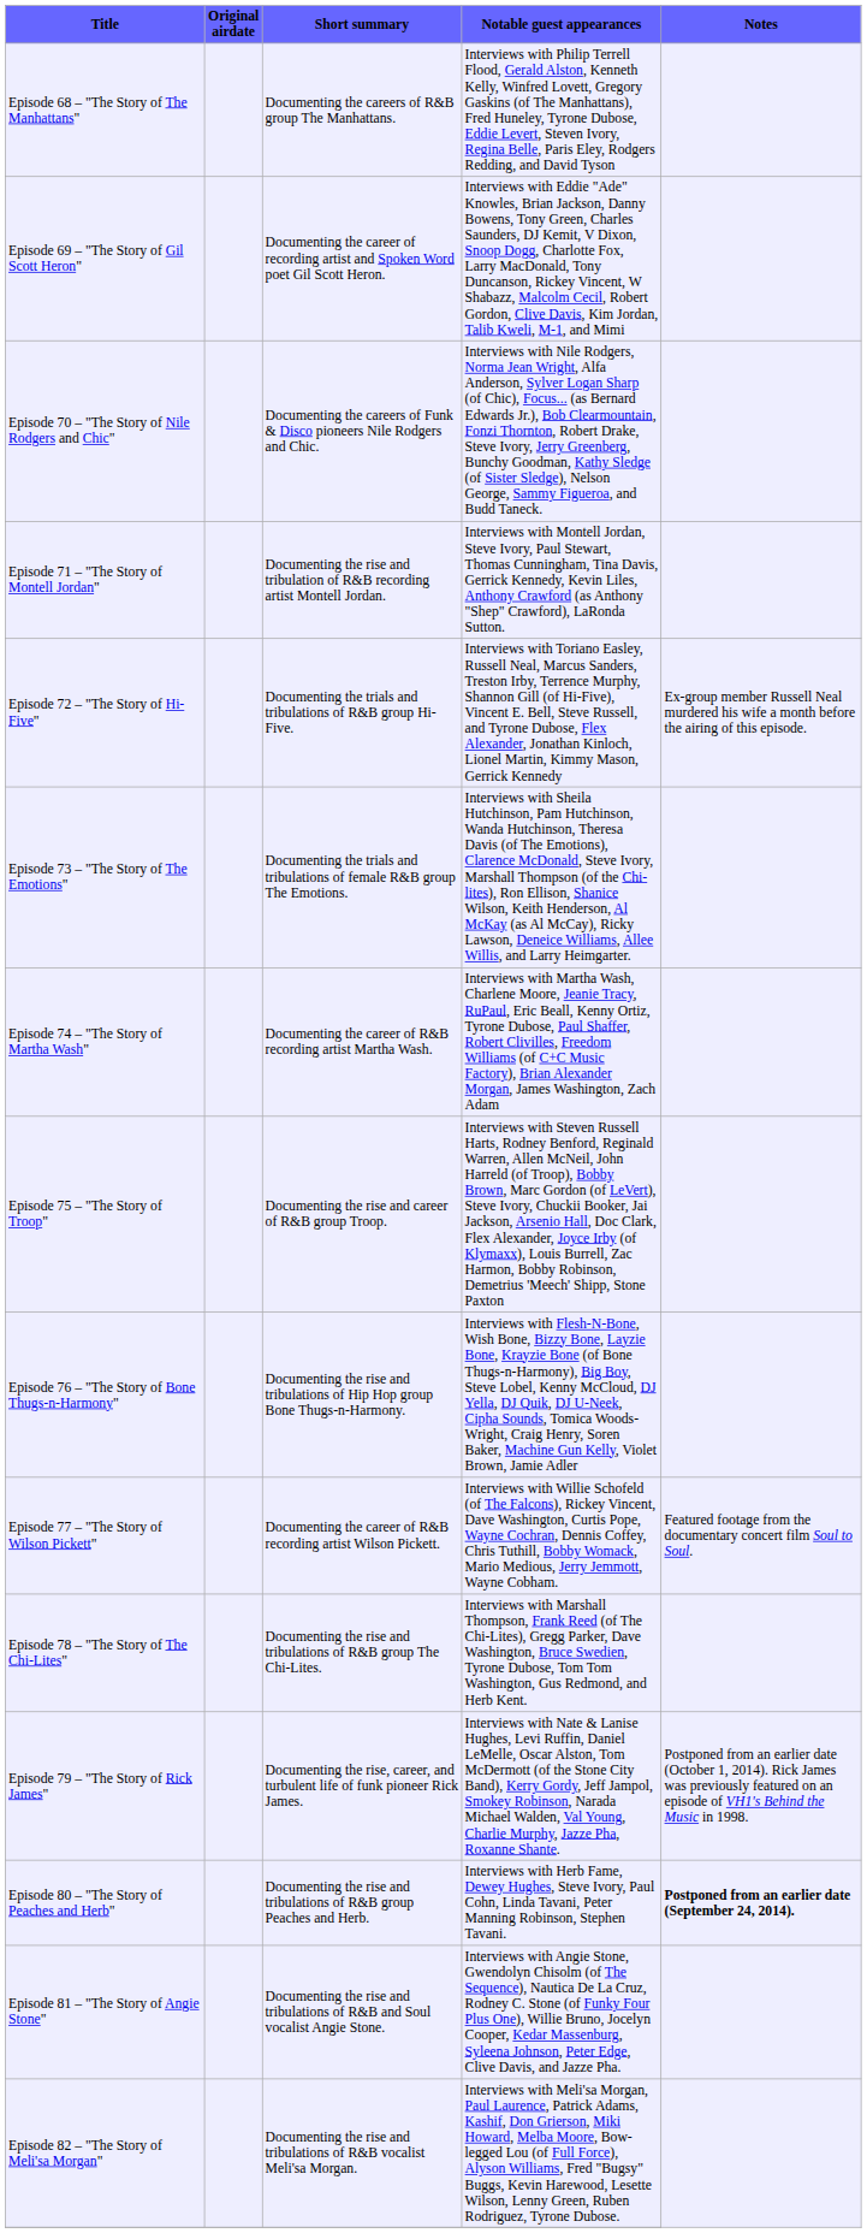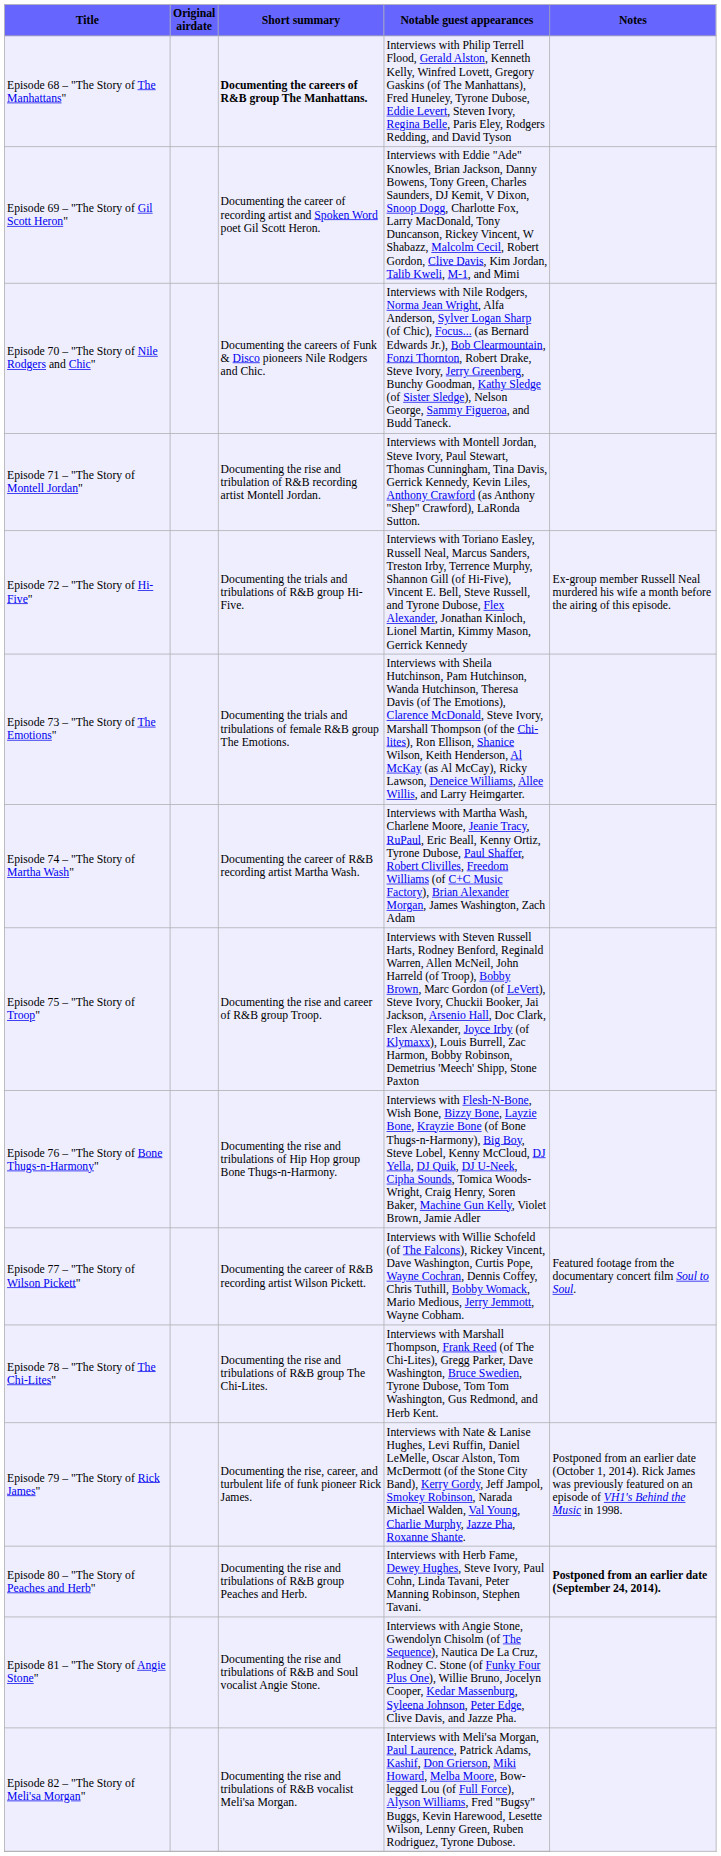 <table class="wikitable" style="background:#EEEEFF">
 <tr>
 <th scope="col" style="background-color: #6666FF" width="220">Title</th>
 <th scope="col" style="background-color: #6666FF" width="40pt">Original airdate</th>
 <th scope="col" style="background-color: #6666FF" width="220">Short summary</th>
 <th scope="col" style="background-color: #6666FF" width="220">Notable guest appearances</th>
 <th scope="col" style="background-color: #6666FF" width="220">Notes</th>
 </tr>
 <tr>
 <td>Episode 68 – "The Story of <a href='#'>The Manhattans</a>"</td>
 <td></td>
-<td>Documenting the careers of R&B group The Manhattans.</td>
+<td><strong>Documenting the careers of R&B group The Manhattans.</strong></td>
 <td>Interviews with Philip Terrell Flood, <a href='#'>Gerald Alston</a>, Kenneth Kelly, Winfred Lovett, Gregory Gaskins (of The Manhattans), Fred Huneley, Tyrone Dubose, <a href='#'>Eddie Levert</a>, Steven Ivory, <a href='#'>Regina Belle</a>, Paris Eley, Rodgers Redding, and David Tyson</td>
 <td></td>
 </tr>
 <tr>
 <td>Episode 69 – "The Story of <a href='#'>Gil Scott Heron</a>"</td>
 <td></td>
 <td>Documenting the career of recording artist and <a href='#'>Spoken Word</a> poet Gil Scott Heron.</td>
 <td>Interviews with Eddie "Ade" Knowles, Brian Jackson, Danny Bowens, Tony Green, Charles Saunders, DJ Kemit, V Dixon, <a href='#'>Snoop Dogg</a>, Charlotte Fox, Larry MacDonald, Tony Duncanson, Rickey Vincent, W Shabazz, <a href='#'>Malcolm Cecil</a>, Robert Gordon, <a href='#'>Clive Davis</a>, Kim Jordan, <a href='#'>Talib Kweli</a>, <a href='#'>M-1</a>, and Mimi</td>
 <td></td>
 </tr>
 <tr>
 <td>Episode 70 – "The Story of <a href='#'>Nile Rodgers</a> and <a href='#'>Chic</a>"</td>
 <td></td>
 <td>Documenting the careers of Funk & <a href='#'>Disco</a> pioneers Nile Rodgers and Chic.</td>
 <td>Interviews with Nile Rodgers, <a href='#'>Norma Jean Wright</a>, Alfa Anderson, <a href='#'>Sylver Logan Sharp</a> (of Chic), <a href='#'>Focus...</a> (as Bernard Edwards Jr.), <a href='#'>Bob Clearmountain</a>, <a href='#'>Fonzi Thornton</a>, Robert Drake, Steve Ivory, <a href='#'>Jerry Greenberg</a>, Bunchy Goodman, <a href='#'>Kathy Sledge</a> (of <a href='#'>Sister Sledge</a>), Nelson George, <a href='#'>Sammy Figueroa</a>, and Budd Taneck.</td>
 <td></td>
 </tr>
 <tr>
 <td>Episode 71 – "The Story of <a href='#'>Montell Jordan</a>"</td>
 <td></td>
 <td>Documenting the rise and tribulation of R&B recording artist Montell Jordan.</td>
 <td>Interviews with Montell Jordan, Steve Ivory, Paul Stewart, Thomas Cunningham, Tina Davis, Gerrick Kennedy, Kevin Liles, <a href='#'>Anthony Crawford</a> (as Anthony "Shep" Crawford), LaRonda Sutton.</td>
 <td></td>
 </tr>
 <tr>
 <td>Episode 72 – "The Story of <a href='#'>Hi-Five</a>"</td>
 <td></td>
 <td>Documenting the trials and tribulations of R&B group Hi-Five.</td>
 <td>Interviews with Toriano Easley, Russell Neal, Marcus Sanders, Treston Irby, Terrence Murphy, Shannon Gill (of Hi-Five), Vincent E. Bell, Steve Russell, and Tyrone Dubose, <a href='#'>Flex Alexander</a>, Jonathan Kinloch, Lionel Martin, Kimmy Mason, Gerrick Kennedy</td>
 <td>Ex-group member Russell Neal murdered his wife a month before the airing of this episode.</td>
 </tr>
 <tr>
 <td>Episode 73 – "The Story of <a href='#'>The Emotions</a>"</td>
 <td></td>
 <td>Documenting the trials and tribulations of female R&B group The Emotions.</td>
 <td>Interviews with Sheila Hutchinson, Pam Hutchinson, Wanda Hutchinson, Theresa Davis (of The Emotions), <a href='#'>Clarence McDonald</a>, Steve Ivory, Marshall Thompson (of the <a href='#'>Chi-lites</a>), Ron Ellison, <a href='#'>Shanice</a> Wilson, Keith Henderson, <a href='#'>Al McKay</a> (as Al McCay), Ricky Lawson, <a href='#'>Deneice Williams</a>, <a href='#'>Allee Willis</a>, and Larry Heimgarter.</td>
 <td></td>
 </tr>
 <tr>
 <td>Episode 74 – "The Story of <a href='#'>Martha Wash</a>"</td>
 <td></td>
 <td>Documenting the career of R&B recording artist Martha Wash.</td>
 <td>Interviews with Martha Wash, Charlene Moore, <a href='#'>Jeanie Tracy</a>, <a href='#'>RuPaul</a>, Eric Beall, Kenny Ortiz, Tyrone Dubose, <a href='#'>Paul Shaffer</a>, <a href='#'>Robert Clivilles</a>, <a href='#'>Freedom Williams</a> (of <a href='#'>C+C Music Factory</a>), <a href='#'>Brian Alexander Morgan</a>, James Washington, Zach Adam</td>
 <td></td>
 </tr>
 <tr>
 <td>Episode 75 – "The Story of <a href='#'>Troop</a>"</td>
 <td></td>
 <td>Documenting the rise and career of R&B group Troop.</td>
 <td>Interviews with Steven Russell Harts, Rodney Benford, Reginald Warren, Allen McNeil, John Harreld (of Troop), <a href='#'>Bobby Brown</a>, Marc Gordon (of <a href='#'>LeVert</a>), Steve Ivory, Chuckii Booker, Jai Jackson, <a href='#'>Arsenio Hall</a>, Doc Clark, Flex Alexander, <a href='#'>Joyce Irby</a> (of <a href='#'>Klymaxx</a>), Louis Burrell, Zac Harmon, Bobby Robinson, Demetrius 'Meech' Shipp, Stone Paxton</td>
 <td></td>
 </tr>
 <tr>
 <td>Episode 76 – "The Story of <a href='#'>Bone Thugs-n-Harmony</a>"</td>
 <td></td>
 <td>Documenting the rise and tribulations of Hip Hop group Bone Thugs-n-Harmony.</td>
 <td>Interviews with <a href='#'>Flesh-N-Bone</a>, Wish Bone, <a href='#'>Bizzy Bone</a>, <a href='#'>Layzie Bone</a>, <a href='#'>Krayzie Bone</a> (of Bone Thugs-n-Harmony), <a href='#'>Big Boy</a>, Steve Lobel, Kenny McCloud, <a href='#'>DJ Yella</a>, <a href='#'>DJ Quik</a>, <a href='#'>DJ U-Neek</a>, <a href='#'>Cipha Sounds</a>, Tomica Woods-Wright, Craig Henry, Soren Baker, <a href='#'>Machine Gun Kelly</a>, Violet Brown, Jamie Adler</td>
 <td></td>
 </tr>
 <tr>
 <td>Episode 77 – "The Story of <a href='#'>Wilson Pickett</a>"</td>
 <td></td>
 <td>Documenting the career of R&B recording artist Wilson Pickett.</td>
 <td>Interviews with Willie Schofeld (of <a href='#'>The Falcons</a>), Rickey Vincent, Dave Washington, Curtis Pope, <a href='#'>Wayne Cochran</a>, Dennis Coffey, Chris Tuthill, <a href='#'>Bobby Womack</a>, Mario Medious, <a href='#'>Jerry Jemmott</a>, Wayne Cobham.</td>
 <td>Featured footage from the documentary concert film <em><a href='#'>Soul to Soul</a></em>.</td>
 </tr>
 <tr>
 <td>Episode 78 – "The Story of <a href='#'>The Chi-Lites</a>"</td>
 <td></td>
 <td>Documenting the rise and tribulations of R&B group The Chi-Lites.</td>
 <td>Interviews with Marshall Thompson, <a href='#'>Frank Reed</a> (of The Chi-Lites), Gregg Parker, Dave Washington, <a href='#'>Bruce Swedien</a>, Tyrone Dubose, Tom Tom Washington, Gus Redmond, and Herb Kent.</td>
 <td></td>
 </tr>
 <tr>
 <td>Episode 79 – "The Story of <a href='#'>Rick James</a>"</td>
 <td></td>
 <td>Documenting the rise, career, and turbulent life of funk pioneer Rick James.</td>
 <td>Interviews with Nate & Lanise Hughes, Levi Ruffin, Daniel LeMelle, Oscar Alston, Tom McDermott (of the Stone City Band), <a href='#'>Kerry Gordy</a>, Jeff Jampol, <a href='#'>Smokey Robinson</a>, Narada Michael Walden, <a href='#'>Val Young</a>, <a href='#'>Charlie Murphy</a>, <a href='#'>Jazze Pha</a>, <a href='#'>Roxanne Shante</a>.</td>
 <td>Postponed from an earlier date (October 1, 2014). Rick James was previously featured on an episode of <em><a href='#'>VH1's Behind the Music</a></em> in 1998.</td>
 </tr>
 <tr>
 <td>Episode 80 – "The Story of <a href='#'>Peaches and Herb</a>"</td>
 <td></td>
 <td>Documenting the rise and tribulations of R&B group Peaches and Herb.</td>
 <td>Interviews with Herb Fame, <a href='#'>Dewey Hughes</a>, Steve Ivory, Paul Cohn, Linda Tavani, Peter Manning Robinson, Stephen Tavani.</td>
 <td><strong>Postponed from an earlier date (September 24, 2014).</strong></td>
 </tr>
 <tr>
 <td>Episode 81 – "The Story of <a href='#'>Angie Stone</a>"</td>
 <td></td>
 <td>Documenting the rise and tribulations of R&B and Soul vocalist Angie Stone.</td>
 <td>Interviews with Angie Stone, Gwendolyn Chisolm (of <a href='#'>The Sequence</a>), Nautica De La Cruz, Rodney C. Stone (of <a href='#'>Funky Four Plus One</a>), Willie Bruno, Jocelyn Cooper, <a href='#'>Kedar Massenburg</a>, <a href='#'>Syleena Johnson</a>, <a href='#'>Peter Edge</a>, Clive Davis, and Jazze Pha.</td>
 <td></td>
 </tr>
 <tr>
 <td>Episode 82 – "The Story of <a href='#'>Meli'sa Morgan</a>"</td>
 <td></td>
 <td>Documenting the rise and tribulations of R&B vocalist Meli'sa Morgan.</td>
 <td>Interviews with Meli'sa Morgan, <a href='#'>Paul Laurence</a>, Patrick Adams, <a href='#'>Kashif</a>, <a href='#'>Don Grierson</a>, <a href='#'>Miki Howard</a>, <a href='#'>Melba Moore</a>, Bow-legged Lou (of <a href='#'>Full Force</a>), <a href='#'>Alyson Williams</a>, Fred "Bugsy" Buggs, Kevin Harewood, Lesette Wilson, Lenny Green, Ruben Rodriguez, Tyrone Dubose.</td>
 </tr>
 <tr>
 </tr>
 </table>
